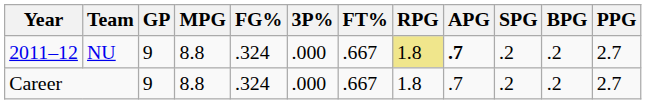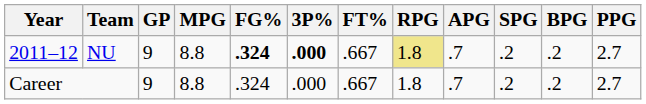 <table class="wikitable sortable">
 <tr>
 <th>Year</th>
 <th>Team</th>
 <th>GP</th>
 <th>MPG</th>
 <th>FG%</th>
 <th>3P%</th>
 <th>FT%</th>
 <th>RPG</th>
 <th>APG</th>
 <th>SPG</th>
 <th>BPG</th>
 <th>PPG</th>
 </tr>
 <tr>
 <td><a href='#'>2011–12</a></td>
 <td><a href='#'>NU</a></td>
 <td>9</td>
 <td>8.8</td>
-<td>.324</td>
-<td>.000</td>
+<td><strong>.324</strong></td>
+<td><strong>.000</strong></td>
 <td>.667</td>
 <td style="background: khaki;">1.8</td>
-<td><strong>.7</strong></td>
+<td>.7</td>
 <td>.2</td>
 <td>.2</td>
 <td>2.7</td>
 </tr>
 <tr>
 <td colspan="2">Career</td>
 <td>9</td>
 <td>8.8</td>
 <td>.324</td>
 <td>.000</td>
 <td>.667</td>
 <td>1.8</td>
 <td>.7</td>
 <td>.2</td>
 <td>.2</td>
 <td>2.7</td>
 </tr>
 </table>
